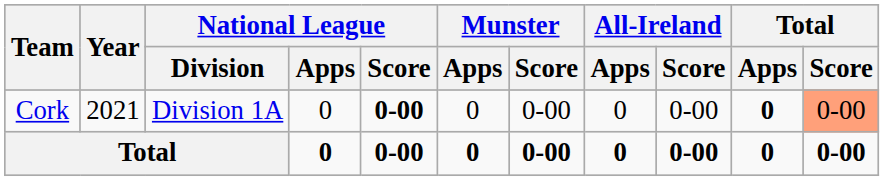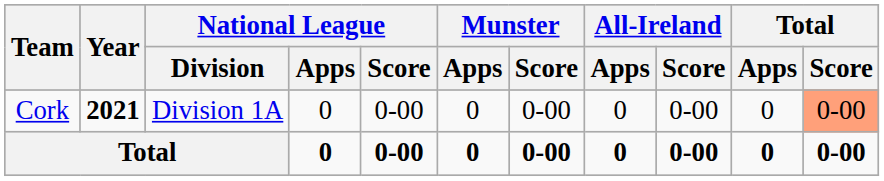 <table class="wikitable" style="text-align:center">
 <tr>
 <th rowspan="2">Team</th>
 <th rowspan="2">Year</th>
 <th colspan="3"><a href='#'>National League</a></th>
 <th colspan="2"><a href='#'>Munster</a></th>
 <th colspan="2"><a href='#'>All-Ireland</a></th>
 <th colspan="2">Total</th>
 </tr>
 <tr>
 <th>Division</th>
 <th>Apps</th>
 <th>Score</th>
 <th>Apps</th>
 <th>Score</th>
 <th>Apps</th>
 <th>Score</th>
 <th>Apps</th>
 <th>Score</th>
 </tr>
 <tr>
 <td rowspan="1"><a href='#'>Cork</a></td>
-<td>2021</td>
+<td><strong>2021</strong></td>
 <td rowspan="1"><a href='#'>Division 1A</a></td>
-<td>0</td>
-<td><strong>0-00</strong></td>
 <td>0</td>
 <td>0-00</td>
 <td>0</td>
 <td>0-00</td>
-<td><strong>0</strong></td>
+<td>0</td>
+<td>0-00</td>
+<td>0</td>
 <td style="background: lightsalmon;">0-00</td>
 </tr>
 <tr>
 <th colspan="3">Total</th>
 <td><strong>0</strong></td>
 <td><strong>0-00</strong></td>
 <td><strong>0</strong></td>
 <td><strong>0-00</strong></td>
 <td><strong>0</strong></td>
 <td><strong>0-00</strong></td>
 <td><strong>0</strong></td>
 <td><strong>0-00</strong></td>
 </tr>
 </table>
